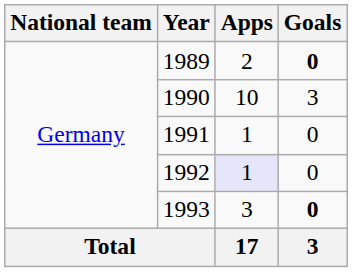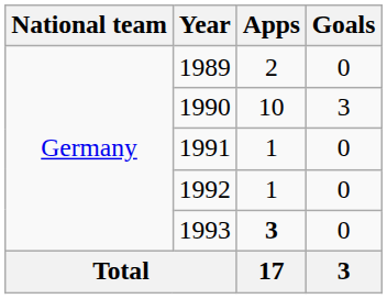 <table class="wikitable" style="text-align:center">
 <tr>
 <th>National team</th>
 <th>Year</th>
 <th>Apps</th>
 <th>Goals</th>
 </tr>
 <tr>
 <td rowspan="5"><a href='#'>Germany</a></td>
 <td>1989</td>
 <td>2</td>
-<td><strong>0</strong></td>
+<td>0</td>
 </tr>
 <tr>
 <td>1990</td>
 <td>10</td>
 <td>3</td>
 </tr>
 <tr>
 <td>1991</td>
 <td>1</td>
 <td>0</td>
 </tr>
 <tr>
 <td>1992</td>
-<td style="background: lavender;">1</td>
+<td>1</td>
 <td>0</td>
 </tr>
 <tr>
 <td>1993</td>
-<td>3</td>
-<td><strong>0</strong></td>
+<td><strong>3</strong></td>
+<td>0</td>
 </tr>
 <tr>
 <th colspan="2">Total</th>
 <th>17</th>
 <th>3</th>
 </tr>
 </table>
